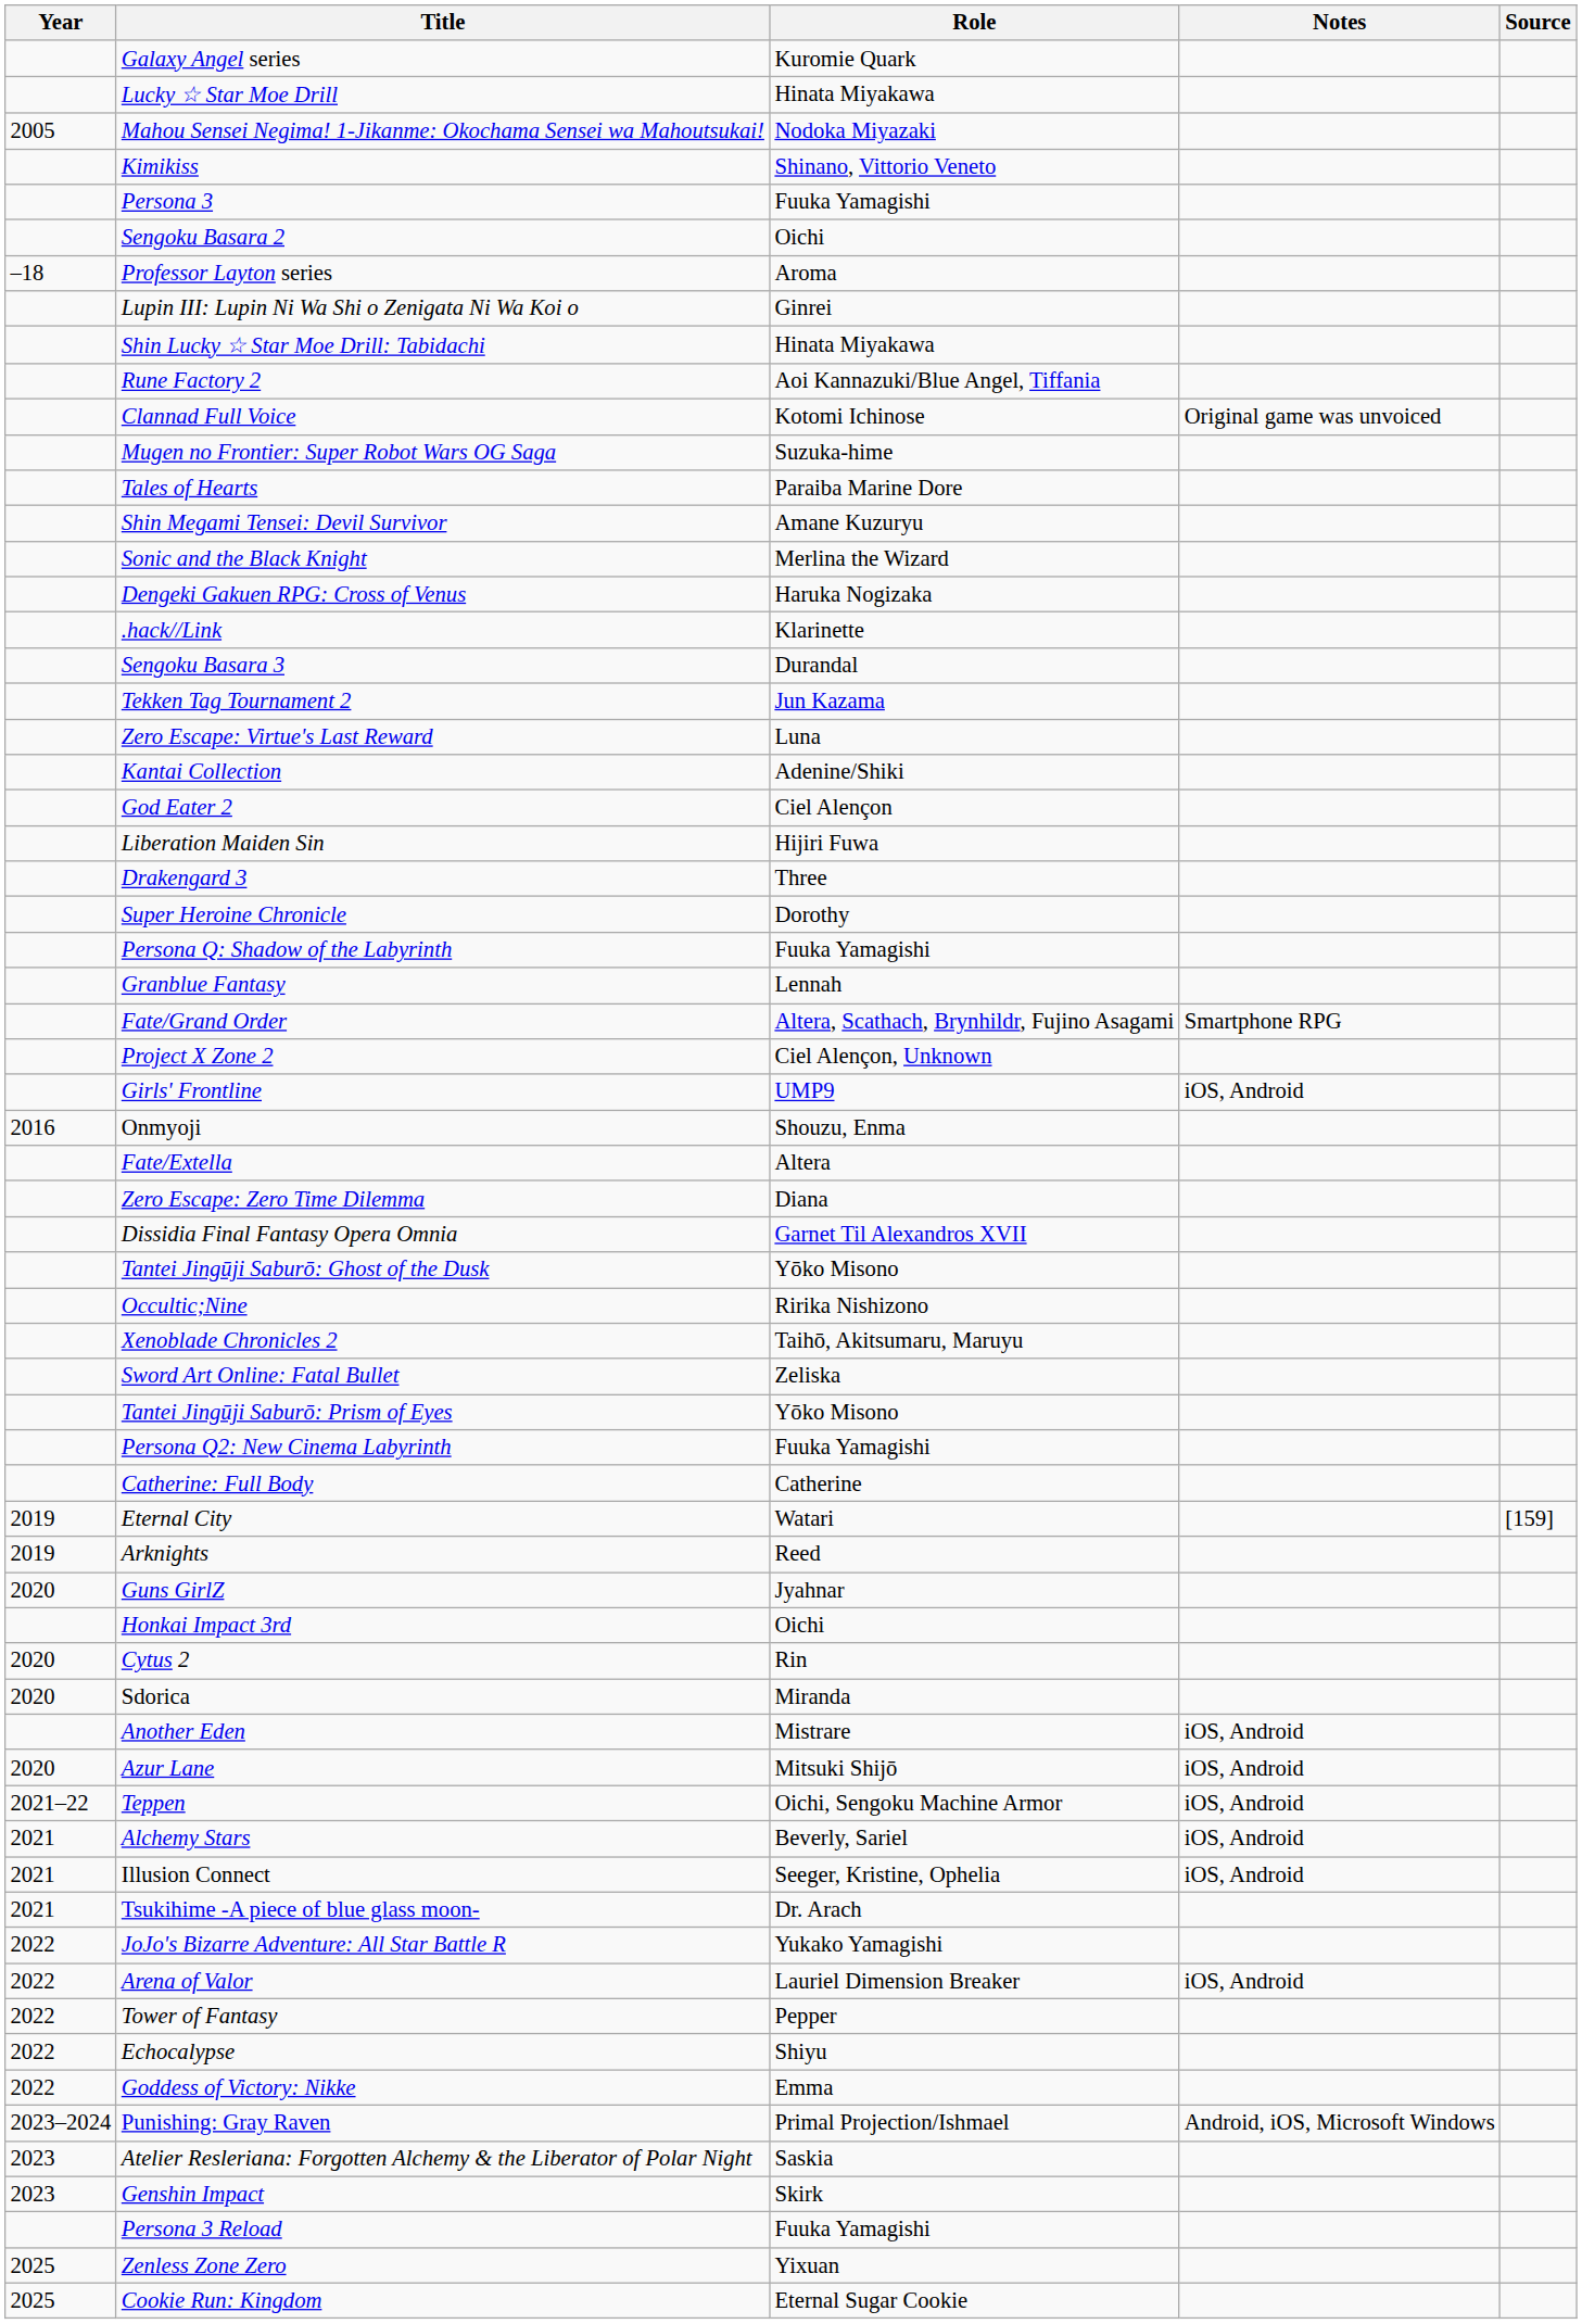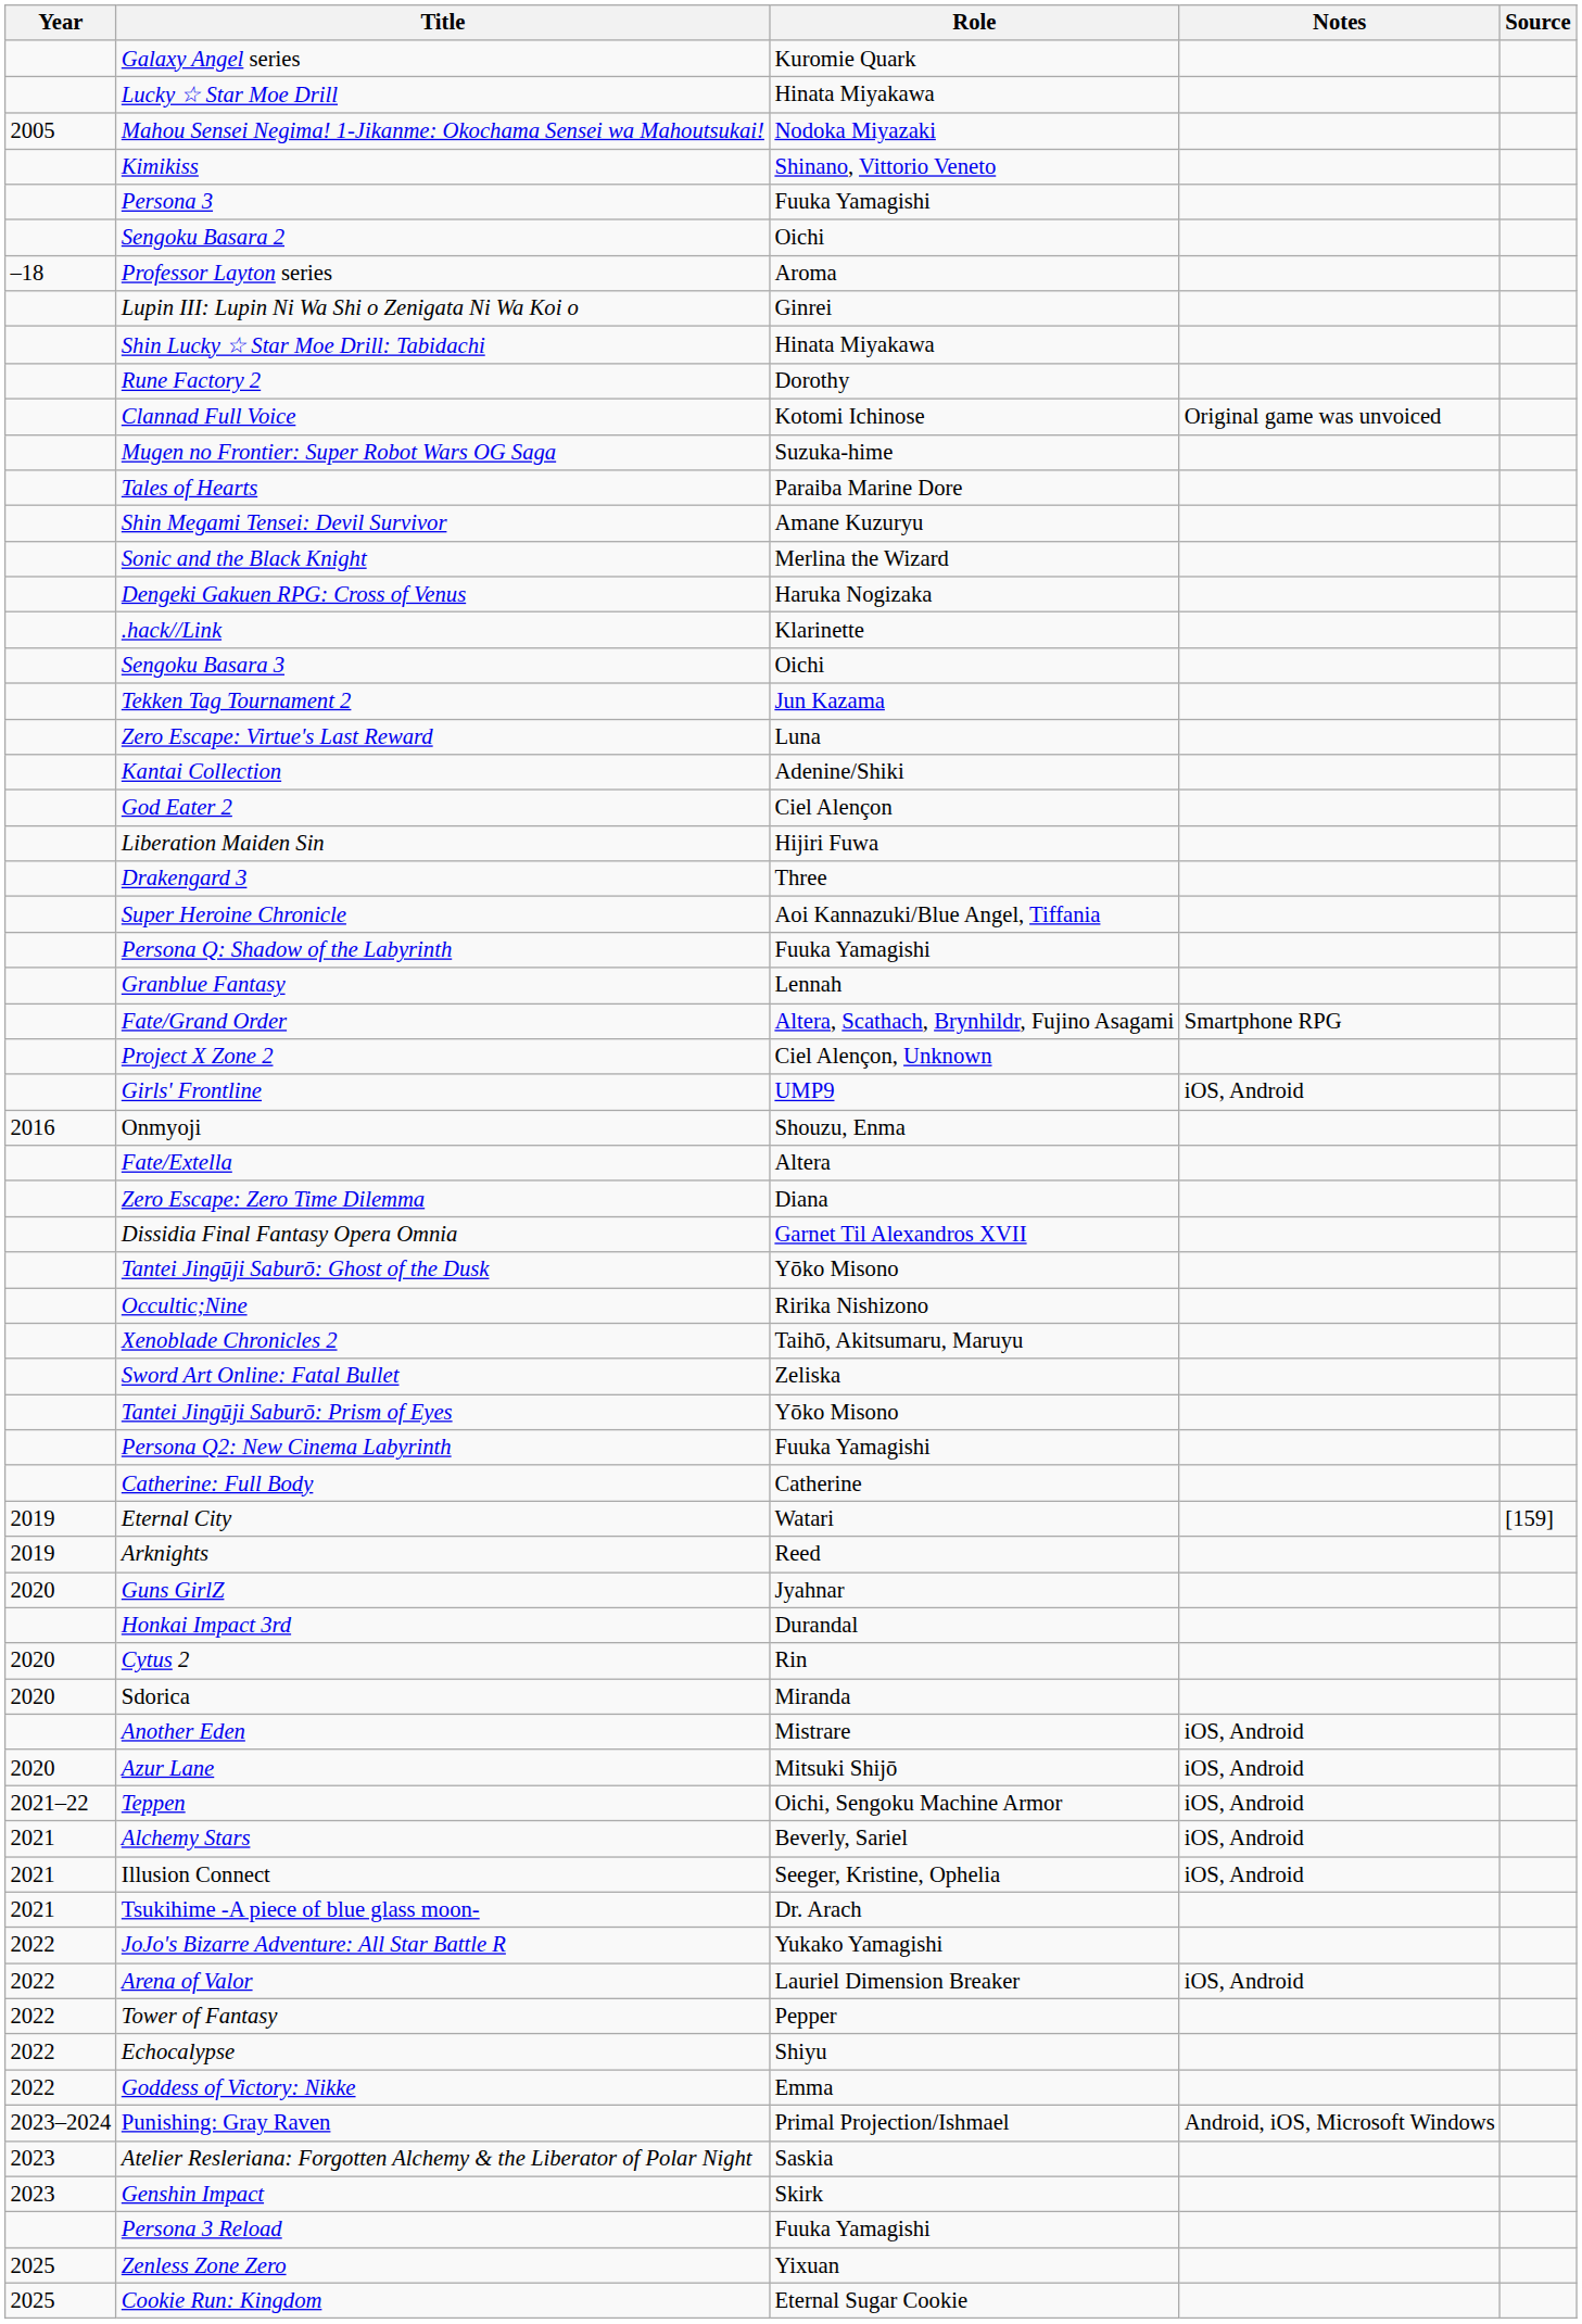 <table class="wikitable sortable plainrowheaders">
 <tr>
 <th>Year</th>
 <th>Title</th>
 <th>Role</th>
 <th class="unsortable">Notes</th>
 <th class="unsortable">Source</th>
 </tr>
 <tr>
 <td></td>
 <td><em><a href='#'>Galaxy Angel</a></em> series</td>
 <td>Kuromie Quark</td>
 <td></td>
 <td></td>
 </tr>
 <tr>
 <td></td>
 <td><em><a href='#'>Lucky ☆ Star Moe Drill</a></em></td>
 <td>Hinata Miyakawa</td>
 <td></td>
 <td></td>
 </tr>
 <tr>
 <td>2005</td>
 <td><em><a href='#'>Mahou Sensei Negima! 1-Jikanme: Okochama Sensei wa Mahoutsukai!</a></em></td>
 <td><a href='#'>Nodoka Miyazaki</a></td>
 <td></td>
 <td></td>
 </tr>
 <tr>
 <td></td>
 <td><em><a href='#'>Kimikiss</a></em></td>
 <td><a href='#'>Shinano</a>, <a href='#'>Vittorio Veneto</a></td>
 <td></td>
 <td></td>
 </tr>
 <tr>
 <td></td>
 <td><em><a href='#'>Persona 3</a></em></td>
 <td>Fuuka Yamagishi</td>
 <td></td>
 <td></td>
 </tr>
 <tr>
 <td></td>
 <td><em><a href='#'>Sengoku Basara 2</a></em></td>
 <td>Oichi</td>
 <td></td>
 <td></td>
 </tr>
 <tr>
 <td>–18</td>
 <td><em><a href='#'>Professor Layton</a></em> series</td>
 <td>Aroma</td>
 <td></td>
 <td></td>
 </tr>
 <tr>
 <td></td>
 <td><em>Lupin III: Lupin Ni Wa Shi o Zenigata Ni Wa Koi o</em></td>
 <td>Ginrei</td>
 <td></td>
 <td></td>
 </tr>
 <tr>
 <td></td>
 <td><em><a href='#'>Shin Lucky ☆ Star Moe Drill: Tabidachi</a></em></td>
 <td>Hinata Miyakawa</td>
 <td></td>
 <td></td>
 </tr>
 <tr>
 <td></td>
 <td><em><a href='#'>Rune Factory 2</a></em></td>
-<td>Aoi Kannazuki/Blue Angel, <a href='#'>Tiffania</a></td>
+<td>Dorothy</td>
 <td></td>
 <td></td>
 </tr>
 <tr>
 <td></td>
 <td><em><a href='#'>Clannad Full Voice</a></em></td>
 <td>Kotomi Ichinose</td>
 <td>Original game was unvoiced</td>
 <td></td>
 </tr>
 <tr>
 <td></td>
 <td><em><a href='#'>Mugen no Frontier: Super Robot Wars OG Saga</a></em></td>
 <td>Suzuka-hime</td>
 <td></td>
 <td></td>
 </tr>
 <tr>
 <td></td>
 <td><em><a href='#'>Tales of Hearts</a></em></td>
 <td>Paraiba Marine Dore</td>
 <td></td>
 <td></td>
 </tr>
 <tr>
 <td></td>
 <td><em><a href='#'>Shin Megami Tensei: Devil Survivor</a></em></td>
 <td>Amane Kuzuryu</td>
 <td></td>
 <td></td>
 </tr>
 <tr>
 <td></td>
 <td><em><a href='#'>Sonic and the Black Knight</a></em></td>
 <td>Merlina the Wizard</td>
 <td></td>
 <td></td>
 </tr>
 <tr>
 <td></td>
 <td><em><a href='#'>Dengeki Gakuen RPG: Cross of Venus</a></em></td>
 <td>Haruka Nogizaka</td>
 <td></td>
 <td></td>
 </tr>
 <tr>
 <td></td>
 <td><em><a href='#'>.hack//Link</a></em></td>
 <td>Klarinette</td>
 <td></td>
 <td></td>
 </tr>
 <tr>
 <td></td>
 <td><em><a href='#'>Sengoku Basara 3</a></em></td>
-<td>Durandal</td>
+<td>Oichi</td>
 <td></td>
 <td></td>
 </tr>
 <tr>
 <td></td>
 <td><em><a href='#'>Tekken Tag Tournament 2</a></em></td>
 <td><a href='#'>Jun Kazama</a></td>
 <td></td>
 <td></td>
 </tr>
 <tr>
 <td></td>
 <td><em><a href='#'>Zero Escape: Virtue's Last Reward</a></em></td>
 <td>Luna</td>
 <td></td>
 <td></td>
 </tr>
 <tr>
 <td></td>
 <td><em><a href='#'>Kantai Collection</a></em></td>
 <td>Adenine/Shiki</td>
 <td></td>
 <td></td>
 </tr>
 <tr>
 <td></td>
 <td><em><a href='#'>God Eater 2</a></em></td>
 <td>Ciel Alençon </td>
 <td></td>
 <td></td>
 </tr>
 <tr>
 <td></td>
 <td><em>Liberation Maiden Sin</em></td>
 <td>Hijiri Fuwa</td>
 <td></td>
 <td></td>
 </tr>
 <tr>
 <td></td>
 <td><em><a href='#'>Drakengard 3</a></em></td>
 <td>Three</td>
 <td></td>
 <td></td>
 </tr>
 <tr>
 <td></td>
 <td><em><a href='#'>Super Heroine Chronicle</a></em></td>
-<td>Dorothy</td>
+<td>Aoi Kannazuki/Blue Angel, <a href='#'>Tiffania</a></td>
 <td></td>
 <td></td>
 </tr>
 <tr>
 <td></td>
 <td><em><a href='#'>Persona Q: Shadow of the Labyrinth</a></em></td>
 <td>Fuuka Yamagishi</td>
 <td></td>
 <td></td>
 </tr>
 <tr>
 <td></td>
 <td><em><a href='#'>Granblue Fantasy</a></em></td>
 <td>Lennah</td>
 <td></td>
 <td></td>
 </tr>
 <tr>
 <td></td>
 <td><em><a href='#'>Fate/Grand Order</a></em></td>
 <td><a href='#'>Altera</a>, <a href='#'>Scathach</a>, <a href='#'>Brynhildr</a>, Fujino Asagami</td>
 <td>Smartphone RPG</td>
 <td></td>
 </tr>
 <tr>
 <td></td>
 <td><em><a href='#'>Project X Zone 2</a></em></td>
 <td>Ciel Alençon, <a href='#'>Unknown</a></td>
 <td></td>
 <td></td>
 </tr>
 <tr>
 <td></td>
 <td><em><a href='#'>Girls' Frontline</a></em></td>
 <td><a href='#'>UMP9</a></td>
 <td>iOS, Android</td>
 <td></td>
 </tr>
 <tr>
 <td>2016</td>
 <td>Onmyoji</td>
 <td>Shouzu, Enma</td>
 <td></td>
 <td></td>
 </tr>
 <tr>
 <td></td>
 <td><em><a href='#'>Fate/Extella</a></em></td>
 <td>Altera</td>
 <td></td>
 <td></td>
 </tr>
 <tr>
 <td></td>
 <td><em><a href='#'>Zero Escape: Zero Time Dilemma</a></em></td>
 <td>Diana</td>
 <td></td>
 <td></td>
 </tr>
 <tr>
 <td></td>
 <td><em>Dissidia Final Fantasy Opera Omnia</em></td>
 <td><a href='#'>Garnet Til Alexandros XVII</a></td>
 <td></td>
 <td></td>
 </tr>
 <tr>
 <td></td>
 <td><em><a href='#'>Tantei Jingūji Saburō: Ghost of the Dusk</a></em></td>
 <td>Yōko Misono</td>
 <td></td>
 <td></td>
 </tr>
 <tr>
 <td></td>
 <td><em><a href='#'>Occultic;Nine</a></em></td>
 <td>Ririka Nishizono</td>
 <td></td>
 <td></td>
 </tr>
 <tr>
 <td></td>
 <td><em><a href='#'>Xenoblade Chronicles 2</a></em></td>
 <td>Taihō, Akitsumaru, Maruyu</td>
 <td></td>
 <td></td>
 </tr>
 <tr>
 <td></td>
 <td><em><a href='#'>Sword Art Online: Fatal Bullet</a></em></td>
 <td>Zeliska</td>
 <td></td>
 <td></td>
 </tr>
 <tr>
 <td></td>
 <td><em><a href='#'>Tantei Jingūji Saburō: Prism of Eyes</a></em></td>
 <td>Yōko Misono</td>
 <td></td>
 <td></td>
 </tr>
 <tr>
 <td></td>
 <td><em><a href='#'>Persona Q2: New Cinema Labyrinth</a></em></td>
 <td>Fuuka Yamagishi</td>
 <td></td>
 <td></td>
 </tr>
 <tr>
 <td></td>
 <td><em><a href='#'>Catherine: Full Body</a></em></td>
 <td>Catherine</td>
 <td></td>
 <td></td>
 </tr>
 <tr>
 <td>2019</td>
 <td><em>Eternal City</em></td>
 <td>Watari</td>
 <td></td>
 <td>[159]</td>
 </tr>
 <tr>
 <td>2019</td>
 <td><em>Arknights</em></td>
 <td>Reed</td>
 <td></td>
 <td></td>
 </tr>
 <tr>
 <td>2020</td>
 <td><em><a href='#'>Guns GirlZ</a></em></td>
 <td>Jyahnar</td>
 <td></td>
 <td></td>
 </tr>
 <tr>
 <td></td>
 <td><em><a href='#'>Honkai Impact 3rd</a></em></td>
-<td>Oichi</td>
+<td>Durandal</td>
 <td></td>
 <td></td>
 </tr>
 <tr>
 <td>2020</td>
 <td><em><a href='#'>Cytus</a> 2</em></td>
 <td>Rin</td>
 <td></td>
 <td></td>
 </tr>
 <tr>
 <td>2020</td>
 <td>Sdorica</td>
 <td>Miranda</td>
 <td></td>
 <td></td>
 </tr>
 <tr>
 <td></td>
 <td><em><a href='#'>Another Eden</a></em></td>
 <td>Mistrare</td>
 <td>iOS, Android</td>
 <td></td>
 </tr>
 <tr>
 <td>2020</td>
 <td><em><a href='#'>Azur Lane</a></em></td>
 <td>Mitsuki Shijō</td>
 <td>iOS, Android</td>
 <td></td>
 </tr>
 <tr>
 <td>2021–22</td>
 <td><em><a href='#'>Teppen</a></em></td>
 <td>Oichi, Sengoku Machine Armor</td>
 <td>iOS, Android</td>
 <td></td>
 </tr>
 <tr>
 <td>2021</td>
 <td><em><a href='#'>Alchemy Stars</a></em></td>
 <td>Beverly, Sariel</td>
 <td>iOS, Android</td>
 <td></td>
 </tr>
 <tr>
 <td>2021</td>
 <td>Illusion Connect</td>
 <td>Seeger, Kristine, Ophelia</td>
 <td>iOS, Android</td>
 <td></td>
 </tr>
 <tr>
 <td>2021</td>
 <td><a href='#'>Tsukihime -A piece of blue glass moon-</a></td>
 <td>Dr. Arach</td>
 <td></td>
 <td></td>
 </tr>
 <tr>
 <td>2022</td>
 <td><em><a href='#'>JoJo's Bizarre Adventure: All Star Battle R</a></em></td>
 <td>Yukako Yamagishi</td>
 <td></td>
 <td></td>
 </tr>
 <tr>
 <td>2022</td>
 <td><em><a href='#'>Arena of Valor</a></em></td>
 <td>Lauriel Dimension Breaker</td>
 <td>iOS, Android</td>
 <td></td>
 </tr>
 <tr>
 <td>2022</td>
 <td><em>Tower of Fantasy</em></td>
 <td>Pepper</td>
 <td></td>
 <td></td>
 </tr>
 <tr>
 <td>2022</td>
 <td><em>Echocalypse</em></td>
 <td>Shiyu</td>
 <td></td>
 <td></td>
 </tr>
 <tr>
 <td>2022</td>
 <td><em><a href='#'>Goddess of Victory: Nikke</a></em></td>
 <td>Emma</td>
 <td></td>
 <td></td>
 </tr>
 <tr>
 <td>2023–2024</td>
 <td><a href='#'>Punishing: Gray Raven</a></td>
 <td>Primal Projection/Ishmael</td>
 <td>Android, iOS, Microsoft Windows</td>
 <td></td>
 </tr>
 <tr>
 <td>2023</td>
 <td><em>Atelier Resleriana: Forgotten Alchemy & the Liberator of Polar Night</em></td>
 <td>Saskia</td>
 <td></td>
 <td></td>
 </tr>
 <tr>
 <td>2023</td>
 <td><em><a href='#'>Genshin Impact</a></em></td>
 <td>Skirk</td>
 <td></td>
 <td></td>
 </tr>
 <tr>
 <td></td>
 <td><em><a href='#'>Persona 3 Reload</a></em></td>
 <td>Fuuka Yamagishi</td>
 <td></td>
 <td></td>
 </tr>
 <tr>
 <td>2025</td>
 <td><em><a href='#'>Zenless Zone Zero</a></em></td>
 <td>Yixuan</td>
 <td></td>
 <td><br>            </td>
 </tr>
 <tr>
 <td>2025</td>
 <td><em><a href='#'>Cookie Run: Kingdom</a></em></td>
 <td>Eternal Sugar Cookie</td>
 <td></td>
 <td></td>
 </tr>
 </table>
